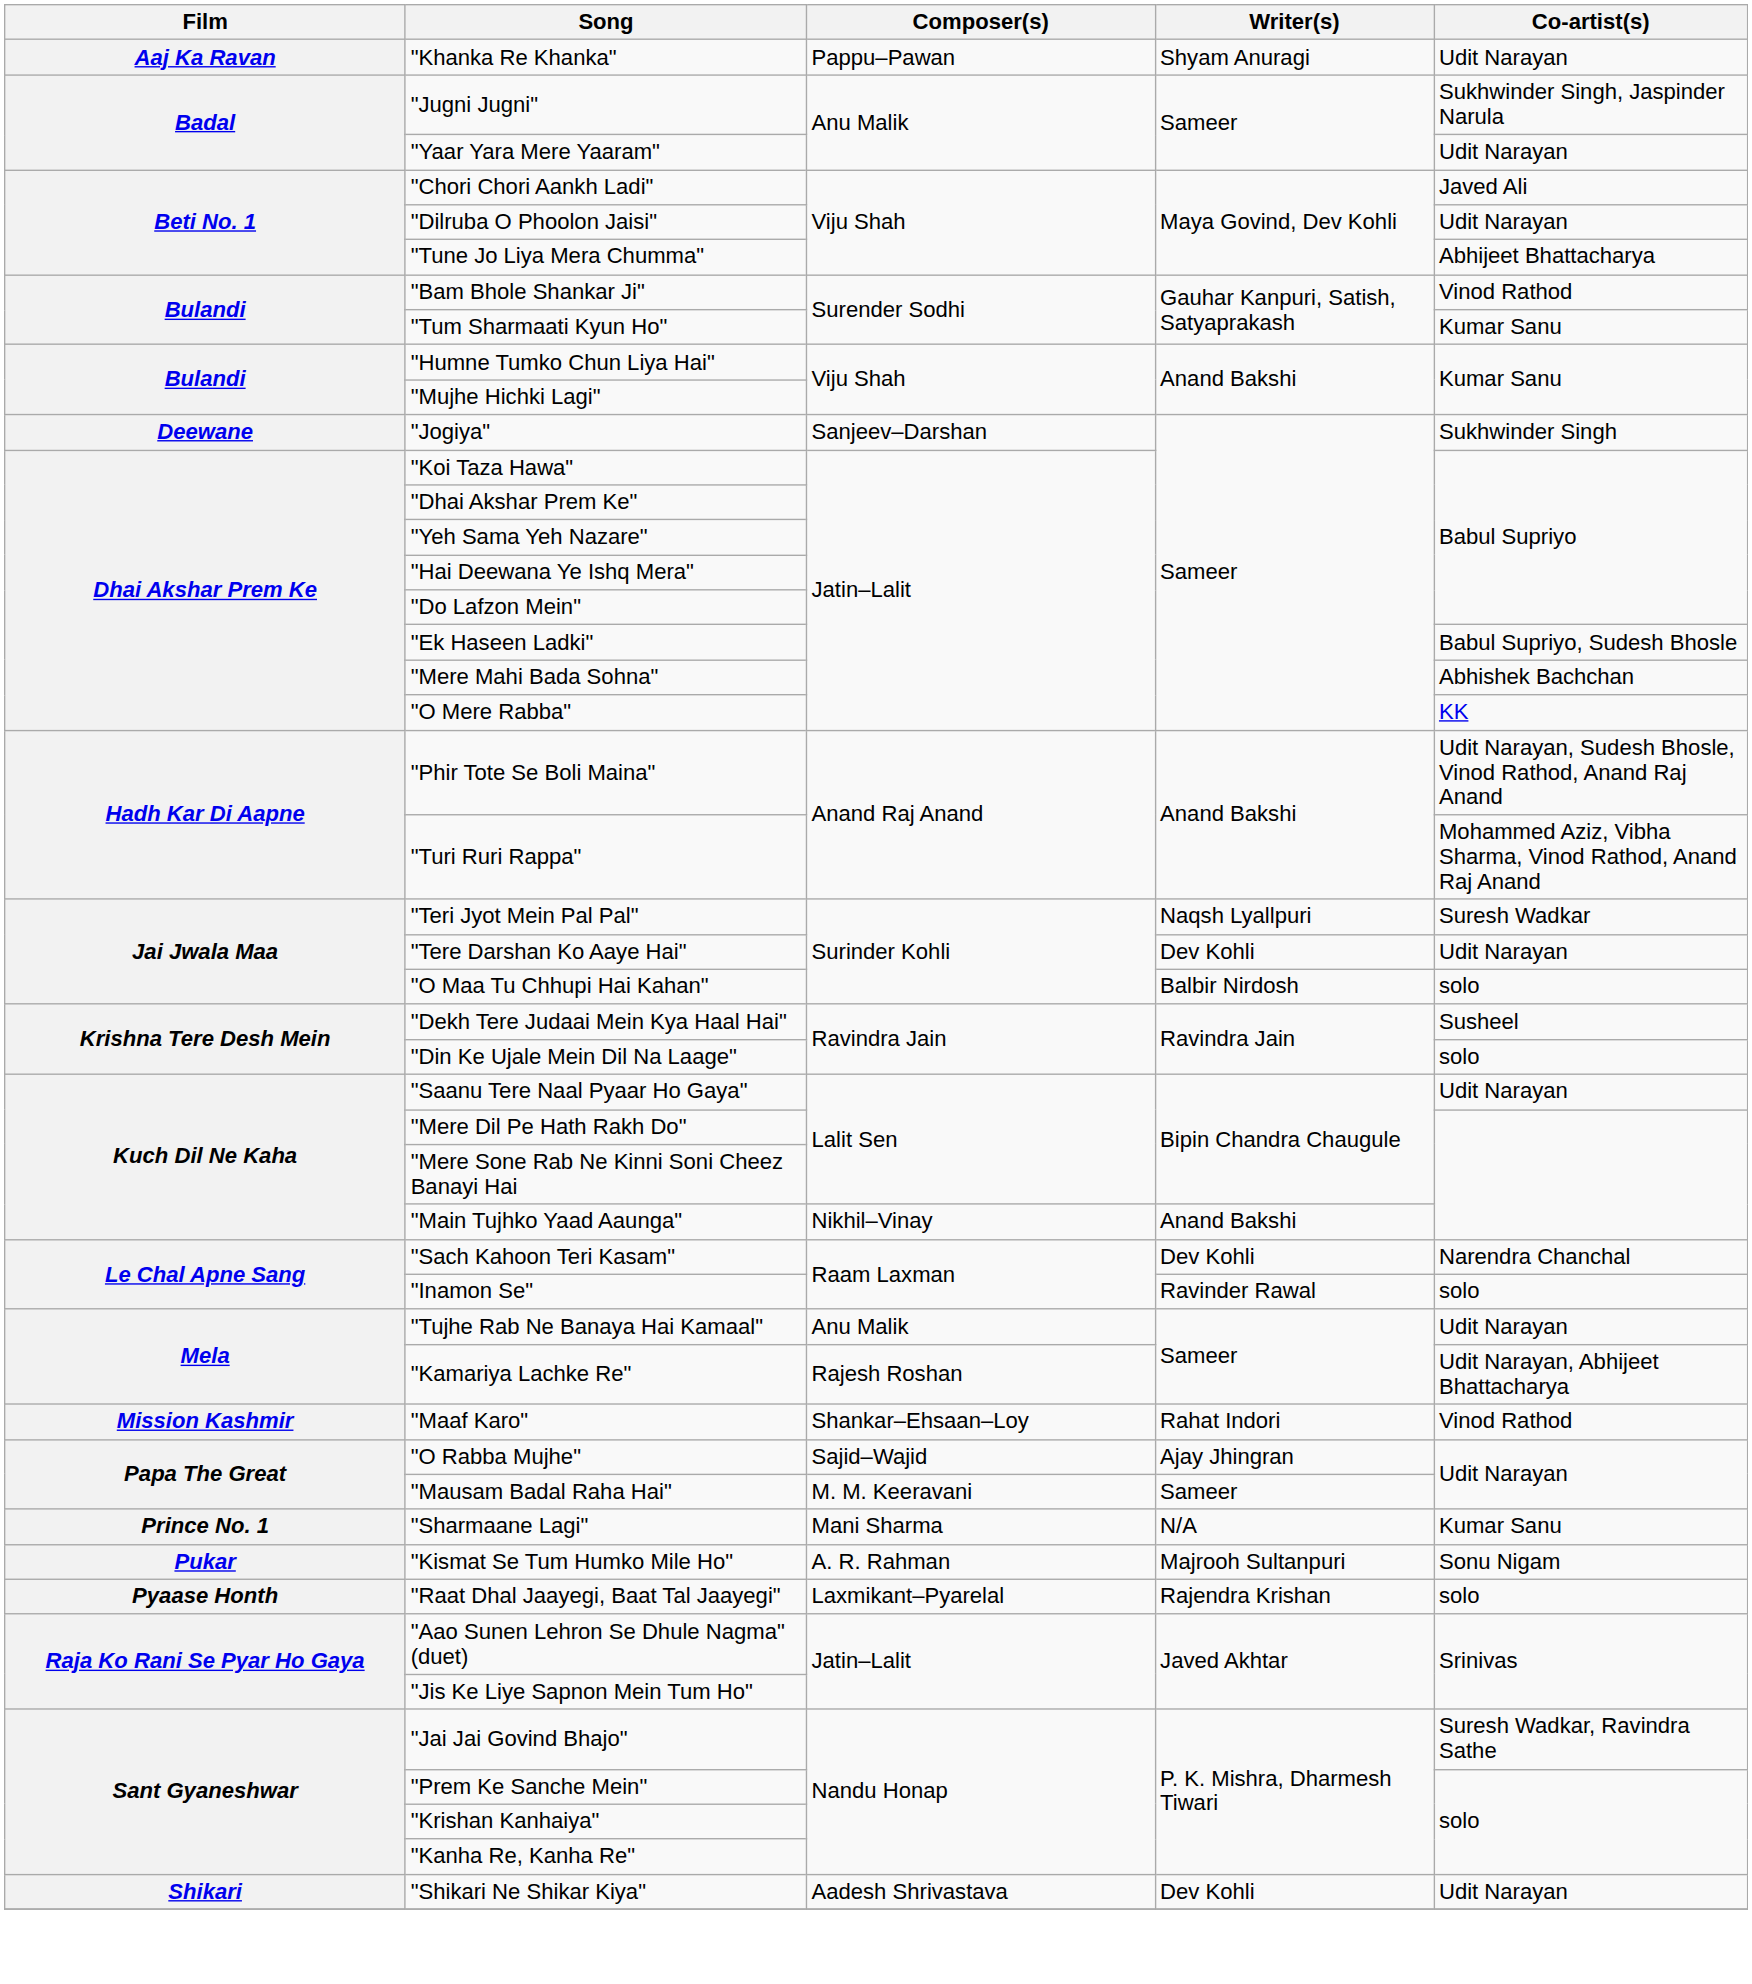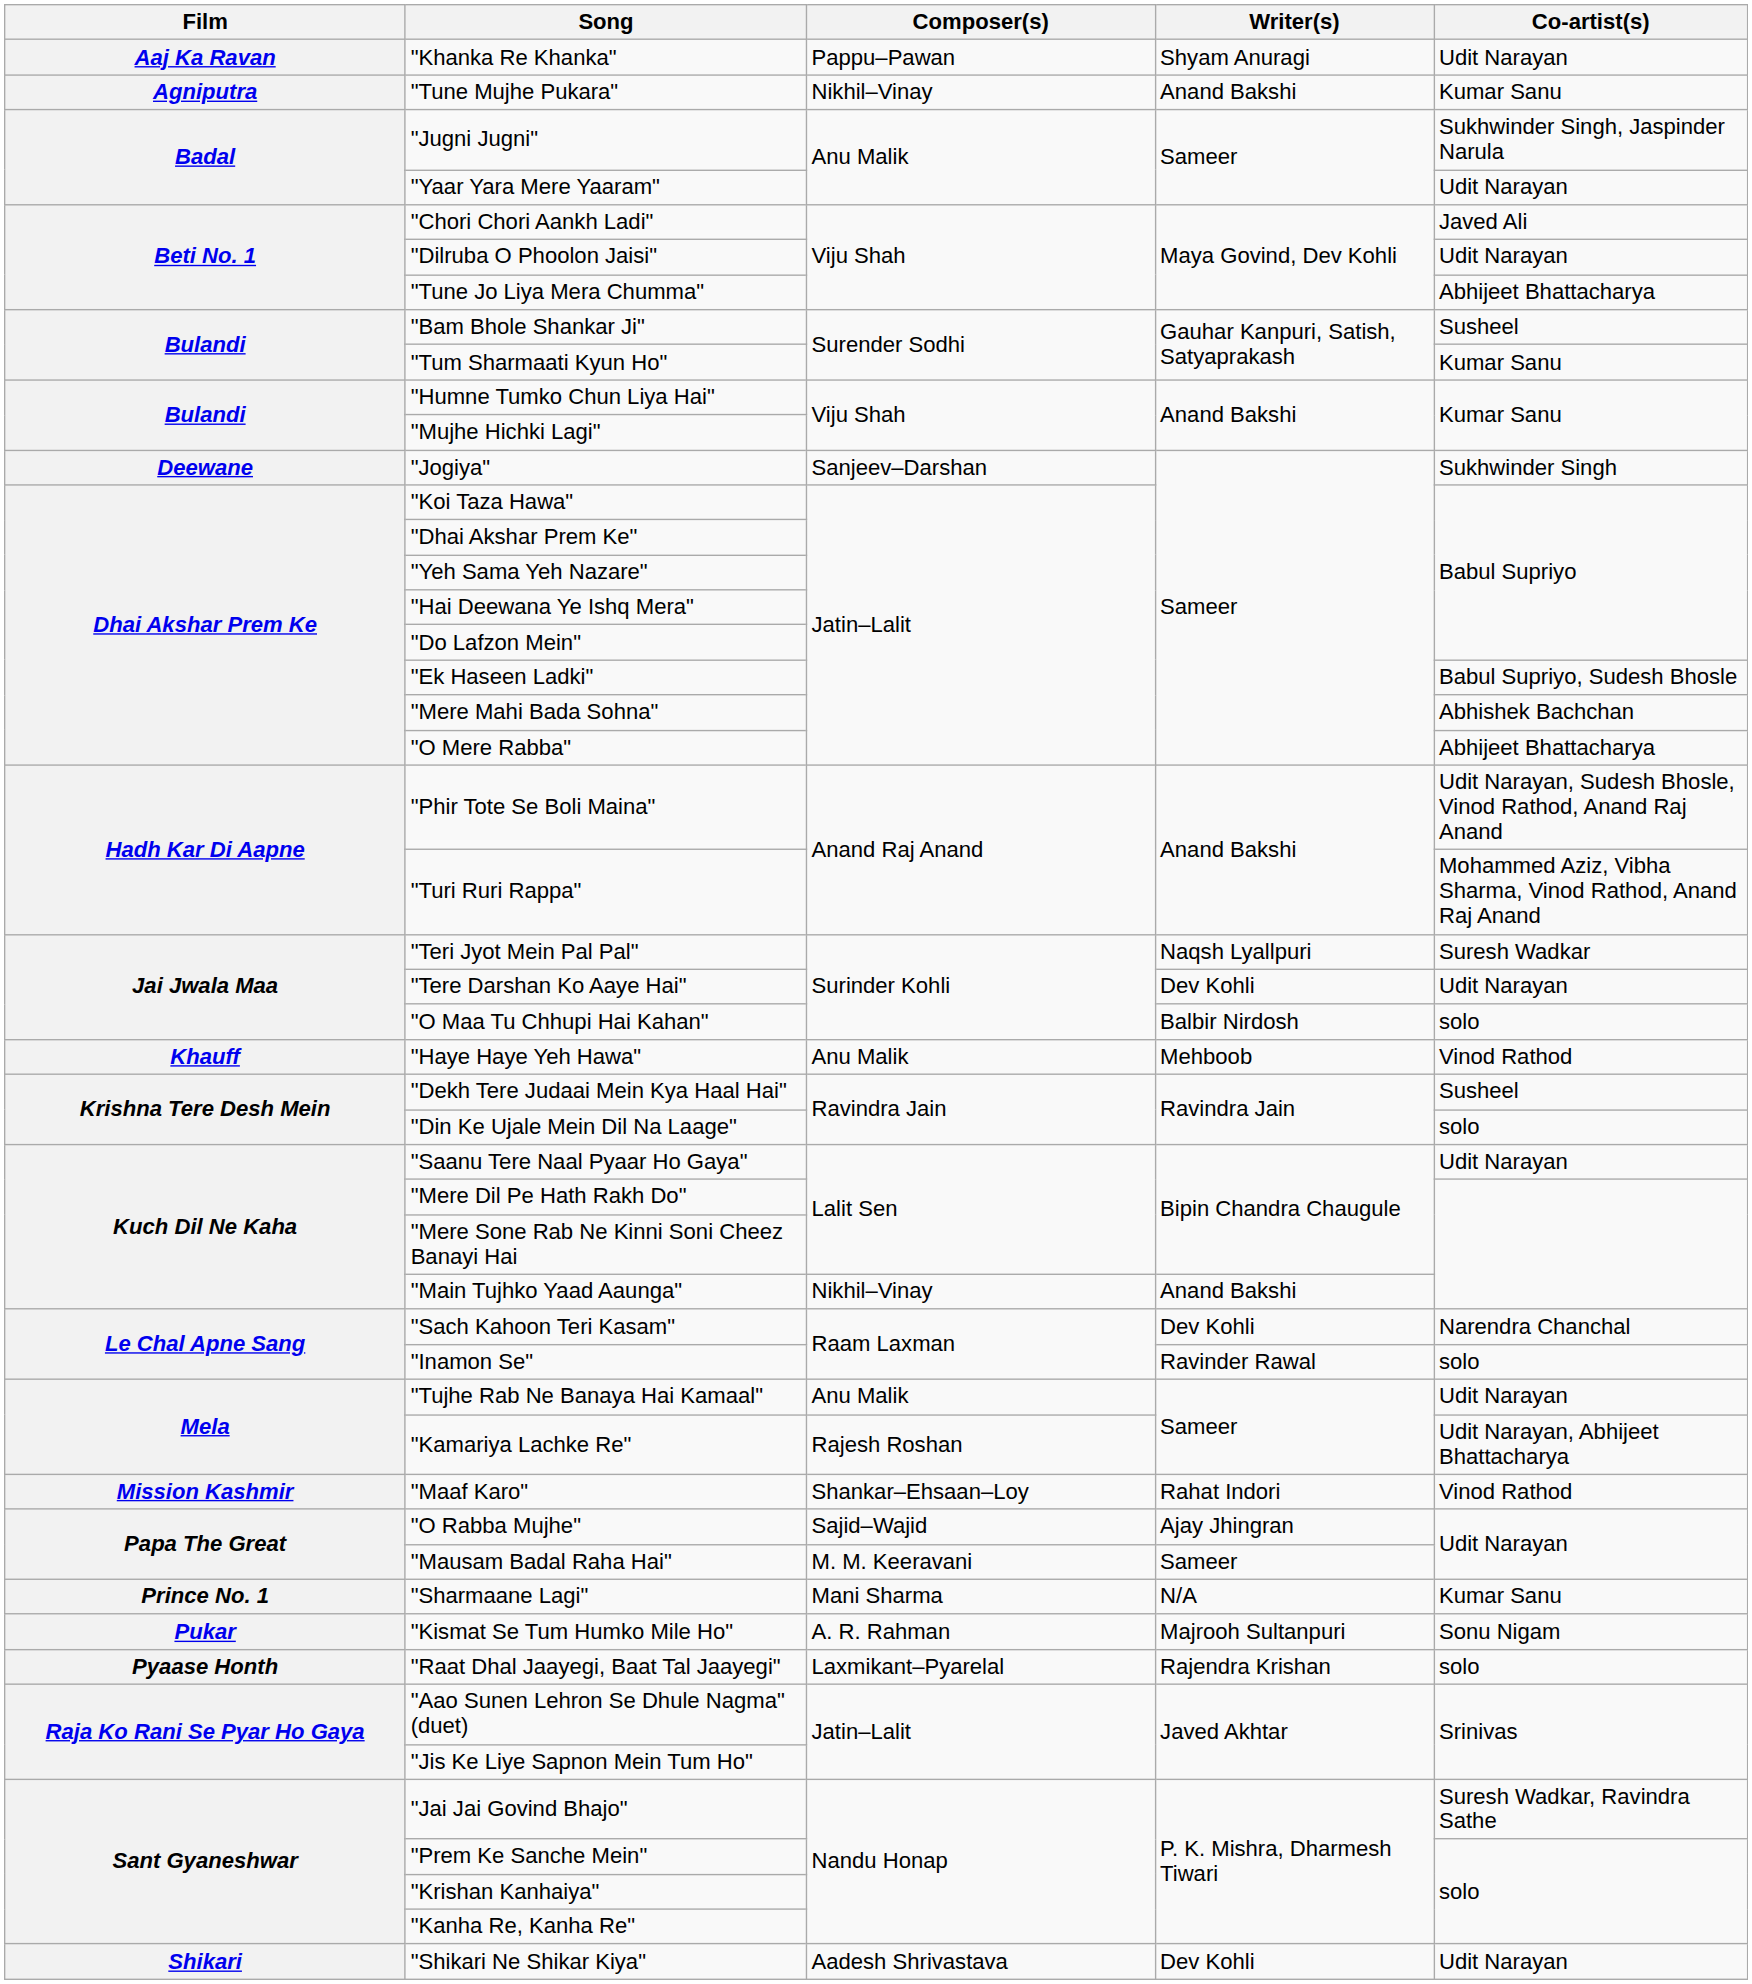 <table class="wikitable plainrowheaders" style="width:100%; textcolor:#000">
 <tr style="background:#b0e0e66;">
 <th scope="col" style="width:23%;"><strong>Film</strong></th>
 <th scope="col" style="width:23%;"><strong>Song</strong></th>
 <th scope="col" style="width:20%;"><strong>Composer(s)</strong></th>
 <th scope="col" style="width:16%;"><strong>Writer(s)</strong></th>
 <th scope="col" style="width:18%;"><strong>Co-artist(s)</strong></th>
 </tr>
 <tr>
 <th><em><a href='#'>Aaj Ka Ravan</a></em></th>
 <td>"Khanka Re Khanka"</td>
 <td>Pappu–Pawan</td>
 <td>Shyam Anuragi</td>
 <td>Udit Narayan</td>
+</tr>
+<tr>
+<th><em><a href='#'>Agniputra</a></em></th>
+<td>"Tune Mujhe Pukara"</td>
+<td>Nikhil–Vinay</td>
+<td>Anand Bakshi</td>
+<td>Kumar Sanu</td>
 </tr>
 <tr>
 <th rowspan=2><em><a href='#'>Badal</a></em></th>
 <td>"Jugni Jugni"</td>
 <td rowspan=2>Anu Malik</td>
 <td rowspan=2>Sameer</td>
 <td>Sukhwinder Singh, Jaspinder Narula</td>
 </tr>
 <tr>
 <td>"Yaar Yara Mere Yaaram"</td>
 <td>Udit Narayan</td>
 </tr>
 <tr>
 <th Rowspan=3><em><a href='#'>Beti No. 1</a></em></th>
 <td>"Chori Chori Aankh Ladi"</td>
 <td rowspan=3>Viju Shah</td>
 <td rowspan=3>Maya Govind, Dev Kohli</td>
 <td>Javed Ali</td>
 </tr>
 <tr>
 <td>"Dilruba O Phoolon Jaisi"</td>
 <td>Udit Narayan</td>
 </tr>
 <tr>
 <td>"Tune Jo Liya Mera Chumma"</td>
 <td>Abhijeet Bhattacharya</td>
 </tr>
 <tr>
 <th Rowspan=2><em><a href='#'>Bulandi</a></em></th>
 <td>"Bam Bhole Shankar Ji"</td>
 <td rowspan=2>Surender Sodhi</td>
 <td rowspan=2>Gauhar Kanpuri, Satish, Satyaprakash</td>
-<td>Vinod Rathod</td>
+<td>Susheel</td>
 </tr>
 <tr>
 <td>"Tum Sharmaati Kyun Ho"</td>
 <td>Kumar Sanu</td>
 </tr>
 <tr>
 <th Rowspan=2><em><a href='#'>Bulandi</a></em></th>
 <td>"Humne Tumko Chun Liya Hai"</td>
 <td rowspan=2>Viju Shah</td>
 <td rowspan=2>Anand Bakshi</td>
 <td rowspan=2>Kumar Sanu</td>
 </tr>
 <tr>
 <td>"Mujhe Hichki Lagi"</td>
 </tr>
 <tr>
 <th><em><a href='#'>Deewane</a></em></th>
 <td>"Jogiya"</td>
 <td>Sanjeev–Darshan</td>
 <td rowspan=9>Sameer</td>
 <td>Sukhwinder Singh</td>
 </tr>
 <tr>
 <th Rowspan=8><em><a href='#'>Dhai Akshar Prem Ke</a></em></th>
 <td>"Koi Taza Hawa"</td>
 <td rowspan=8>Jatin–Lalit</td>
 <td rowspan=5>Babul Supriyo</td>
 </tr>
 <tr>
 <td>"Dhai Akshar Prem Ke"</td>
 </tr>
 <tr>
 <td>"Yeh Sama Yeh Nazare"</td>
 </tr>
 <tr>
 <td>"Hai Deewana Ye Ishq Mera"</td>
 </tr>
 <tr>
 <td>"Do Lafzon Mein"</td>
 </tr>
 <tr>
 <td>"Ek Haseen Ladki"</td>
 <td>Babul Supriyo, Sudesh Bhosle</td>
 </tr>
 <tr>
 <td>"Mere Mahi Bada Sohna"</td>
 <td>Abhishek Bachchan</td>
 </tr>
 <tr>
 <td>"O Mere Rabba"</td>
-<td><a href='#'>KK</a></td>
+<td>Abhijeet Bhattacharya</td>
 </tr>
 <tr>
 <th Rowspan=2><em><a href='#'>Hadh Kar Di Aapne</a></em></th>
 <td>"Phir Tote Se Boli Maina"</td>
 <td rowspan=2>Anand Raj Anand</td>
 <td rowspan=2>Anand Bakshi</td>
 <td>Udit Narayan, Sudesh Bhosle, Vinod Rathod, Anand Raj Anand</td>
 </tr>
 <tr>
 <td>"Turi Ruri Rappa"</td>
 <td>Mohammed Aziz, Vibha Sharma, Vinod Rathod, Anand Raj Anand</td>
 </tr>
 <tr>
 <th rowspan=3><em>Jai Jwala Maa</em></th>
 <td>"Teri Jyot Mein Pal Pal"</td>
 <td rowspan=3>Surinder Kohli</td>
 <td>Naqsh Lyallpuri</td>
 <td>Suresh Wadkar</td>
 </tr>
 <tr>
 <td>"Tere Darshan Ko Aaye Hai"</td>
 <td>Dev Kohli</td>
 <td>Udit Narayan</td>
 </tr>
 <tr>
 <td>"O Maa Tu Chhupi Hai Kahan"</td>
 <td>Balbir Nirdosh</td>
 <td>solo</td>
+</tr>
+<tr>
+<th><em><a href='#'>Khauff</a></em></th>
+<td>"Haye Haye Yeh Hawa"</td>
+<td>Anu Malik</td>
+<td>Mehboob</td>
+<td>Vinod Rathod</td>
 </tr>
 <tr>
 <th Rowspan=2><em>Krishna Tere Desh Mein</em></th>
 <td>"Dekh Tere Judaai Mein Kya Haal Hai"</td>
 <td rowspan=2>Ravindra Jain</td>
 <td rowspan=2>Ravindra Jain</td>
 <td>Susheel</td>
 </tr>
 <tr>
 <td>"Din Ke Ujale Mein Dil Na Laage"</td>
 <td>solo</td>
 </tr>
 <tr>
 <th Rowspan=4><em>Kuch Dil Ne Kaha</em></th>
 <td>"Saanu Tere Naal Pyaar Ho Gaya"</td>
 <td rowspan=3>Lalit Sen</td>
 <td rowspan=3>Bipin Chandra Chaugule</td>
 <td rpwspan=4>Udit Narayan</td>
 </tr>
 <tr>
 <td>"Mere Dil Pe Hath Rakh Do"</td>
 </tr>
 <tr>
 <td>"Mere Sone Rab Ne Kinni Soni Cheez Banayi Hai</td>
 </tr>
 <tr>
 <td>"Main Tujhko Yaad Aaunga"</td>
 <td>Nikhil–Vinay</td>
 <td>Anand Bakshi</td>
 </tr>
 <tr>
 <th Rowspan=2><em><a href='#'>Le Chal Apne Sang</a></em></th>
 <td>"Sach Kahoon Teri Kasam"</td>
 <td rowspan=2>Raam Laxman</td>
 <td>Dev Kohli</td>
 <td>Narendra Chanchal</td>
 </tr>
 <tr>
 <td>"Inamon Se"</td>
 <td>Ravinder Rawal</td>
 <td>solo</td>
 </tr>
 <tr>
 <th Rowspan=2><em><a href='#'>Mela</a></em></th>
 <td>"Tujhe Rab Ne Banaya Hai Kamaal"</td>
 <td>Anu Malik</td>
 <td rowspan=2>Sameer</td>
 <td>Udit Narayan</td>
 </tr>
 <tr>
 <td>"Kamariya Lachke Re"</td>
 <td>Rajesh Roshan</td>
 <td>Udit Narayan, Abhijeet Bhattacharya</td>
 </tr>
 <tr>
 <th><em><a href='#'>Mission Kashmir</a></em></th>
 <td>"Maaf Karo"</td>
 <td>Shankar–Ehsaan–Loy</td>
 <td>Rahat Indori</td>
 <td>Vinod Rathod</td>
 </tr>
 <tr>
 <th rowspan=2><em>Papa The Great</em></th>
 <td>"O Rabba Mujhe"</td>
 <td>Sajid–Wajid</td>
 <td>Ajay Jhingran</td>
 <td rowspan=2>Udit Narayan</td>
 </tr>
 <tr>
 <td>"Mausam Badal Raha Hai"</td>
 <td>M. M. Keeravani</td>
 <td>Sameer</td>
 </tr>
 <tr>
 <th><em>Prince No. 1</em></th>
 <td>"Sharmaane Lagi"</td>
 <td>Mani Sharma</td>
 <td>N/A</td>
 <td>Kumar Sanu</td>
 </tr>
 <tr>
 <th><em><a href='#'>Pukar</a></em></th>
 <td>"Kismat Se Tum Humko Mile Ho"</td>
 <td>A. R. Rahman</td>
 <td>Majrooh Sultanpuri</td>
 <td>Sonu Nigam</td>
 </tr>
 <tr>
 <th><em>Pyaase Honth</em></th>
 <td>"Raat Dhal Jaayegi, Baat Tal Jaayegi"</td>
 <td>Laxmikant–Pyarelal</td>
 <td>Rajendra Krishan</td>
 <td>solo</td>
 </tr>
 <tr>
 <th Rowspan=2><em><a href='#'>Raja Ko Rani Se Pyar Ho Gaya</a></em></th>
 <td>"Aao Sunen Lehron Se Dhule Nagma" (duet)</td>
 <td rowspan=2>Jatin–Lalit</td>
 <td rowspan=2>Javed Akhtar</td>
 <td rowspan=2>Srinivas</td>
 </tr>
 <tr>
 <td>"Jis Ke Liye Sapnon Mein Tum Ho"</td>
 </tr>
 <tr>
 <th rowspan=4><em>Sant Gyaneshwar</em></th>
 <td>"Jai Jai Govind Bhajo"</td>
 <td rowspan=4>Nandu Honap</td>
 <td rowspan=4>P. K. Mishra, Dharmesh Tiwari</td>
 <td>Suresh Wadkar, Ravindra Sathe</td>
 </tr>
 <tr>
 <td>"Prem Ke Sanche Mein"</td>
 <td rowspan=3>solo</td>
 </tr>
 <tr>
 <td>"Krishan Kanhaiya"</td>
 </tr>
 <tr>
 <td>"Kanha Re, Kanha Re"</td>
 </tr>
 <tr>
 <th><em><a href='#'>Shikari</a></em></th>
 <td>"Shikari Ne Shikar Kiya"</td>
 <td>Aadesh Shrivastava</td>
 <td>Dev Kohli</td>
 <td>Udit Narayan</td>
 </tr>
 <tr>
 </tr>
 </table>
